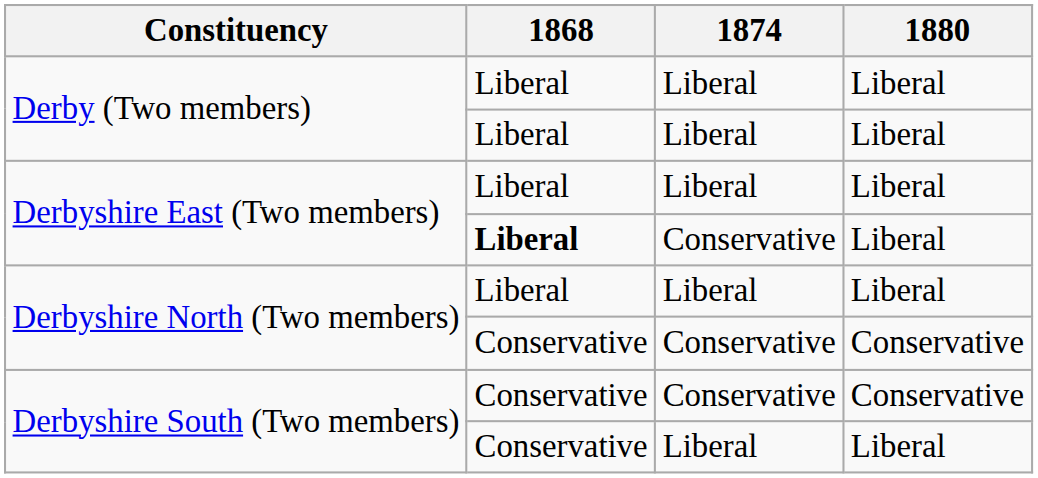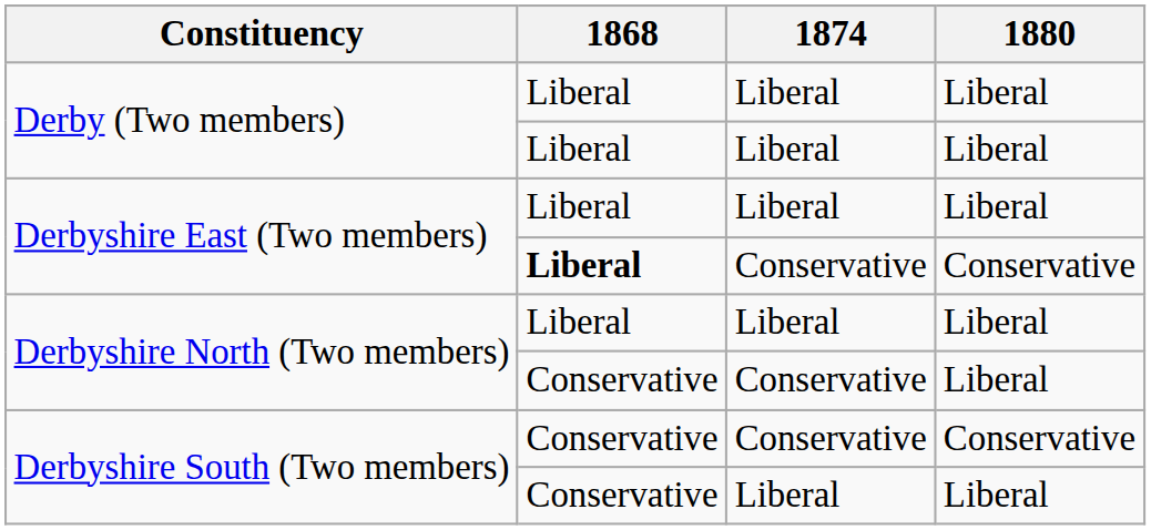 <table class="wikitable">
 <tr>
 <th>Constituency</th>
 <th>1868</th>
 <th>1874</th>
 <th>1880</th>
 </tr>
 <tr>
 <td rowspan="2"><a href='#'>Derby</a> (Two members)</td>
 <td>Liberal</td>
 <td>Liberal</td>
 <td>Liberal</td>
 </tr>
 <tr>
 <td>Liberal</td>
 <td>Liberal</td>
 <td>Liberal</td>
 </tr>
 <tr>
 <td rowspan="2"><a href='#'>Derbyshire East</a> (Two members)</td>
 <td>Liberal</td>
 <td>Liberal</td>
 <td>Liberal</td>
 </tr>
 <tr>
 <td><strong>Liberal</strong></td>
 <td>Conservative</td>
-<td>Liberal</td>
+<td>Conservative</td>
 </tr>
 <tr>
 <td rowspan="2"><a href='#'>Derbyshire North</a> (Two members)</td>
 <td>Liberal</td>
 <td>Liberal</td>
 <td>Liberal</td>
 </tr>
 <tr>
 <td>Conservative</td>
 <td>Conservative</td>
-<td>Conservative</td>
+<td>Liberal</td>
 </tr>
 <tr>
 <td rowspan="2"><a href='#'>Derbyshire South</a> (Two members)</td>
 <td>Conservative</td>
 <td>Conservative</td>
 <td>Conservative</td>
 </tr>
 <tr>
 <td>Conservative</td>
 <td>Liberal</td>
 <td>Liberal</td>
 </tr>
 </table>
